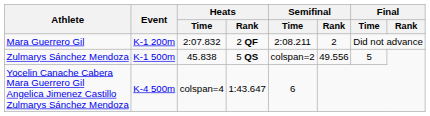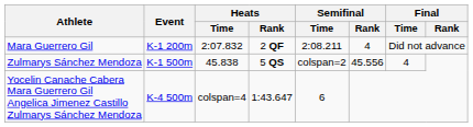 <table class=wikitable style="font-size:90%;">
 <tr>
 <th rowspan="2">Athlete</th>
 <th rowspan="2">Event</th>
 <th colspan=2>Heats</th>
 <th colspan=2>Semifinal</th>
 <th colspan=2>Final</th>
 </tr>
 <tr style="font-size:95%">
 <th>Time</th>
 <th>Rank</th>
 <th>Time</th>
 <th>Rank</th>
 <th>Time</th>
 <th>Rank</th>
 </tr>
 <tr align=center>
 <td align=left><a href='#'>Mara Guerrero Gil</a></td>
 <td align=left><a href='#'>K-1 200m</a></td>
 <td>2:07.832</td>
 <td>2 <strong>QF</strong></td>
 <td>2:08.211</td>
-<td>2</td>
+<td>4</td>
 <td colspan=2>Did not advance</td>
 </tr>
 <tr align=center>
 <td align=left><a href='#'>Zulmarys Sánchez Mendoza</a></td>
 <td align=left><a href='#'>K-1 500m</a></td>
 <td>45.838</td>
 <td>5 <strong>QS</strong></td>
 <td>colspan=2 </td>
-<td>49.556</td>
-<td>5</td>
+<td>45.556</td>
+<td>4</td>
 </tr>
 <tr align=center>
 <td align=left><a href='#'>Yocelin Canache Cabera</a><br><a href='#'>Mara Guerrero Gil</a><br><a href='#'>Angelica Jimenez Castillo</a><br><a href='#'>Zulmarys Sánchez Mendoza</a></td>
 <td align=left><a href='#'>K-4 500m</a></td>
 <td>colspan=4 </td>
 <td>1:43.647</td>
 <td>6</td>
 </tr>
 </table>
